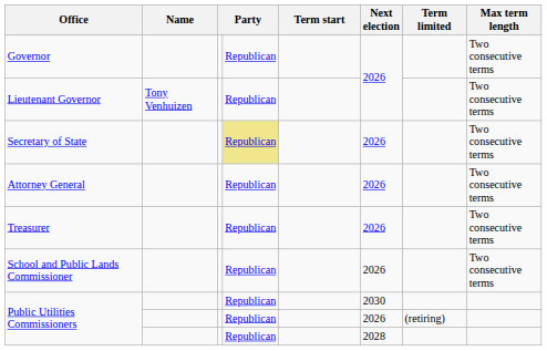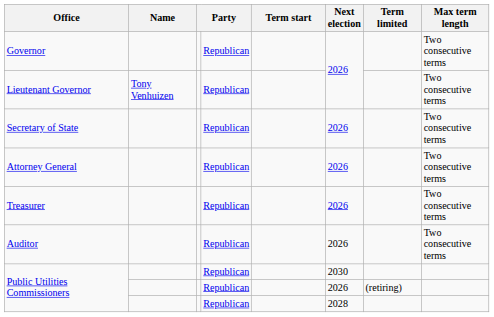 <table class="sortable wikitable">
 <tr>
 <th scope="col" width=190>Office</th>
 <th scope="col" width=100>Name</th>
 <th scope="col" width=75 colspan=2>Party</th>
 <th scope="col" width=110>Term start</th>
 <th scope="col" width=50>Next election</th>
 <th scope="col" width=85>Term limited</th>
 <th scope="col" width=100>Max term length</th>
 </tr>
 <tr>
 <td><a href='#'>Governor</a></td>
 <td></td>
 <td style="background-color:"></td>
 <td><a href='#'>Republican</a></td>
 <td></td>
 <td rowspan=2><a href='#'>2026</a></td>
 <td></td>
 <td>Two consecutive terms</td>
 </tr>
 <tr>
 <td><a href='#'>Lieutenant Governor</a></td>
 <td><a href='#'>Tony Venhuizen</a></td>
 <td style="background-color:"></td>
 <td><a href='#'>Republican</a></td>
 <td></td>
 <td></td>
 <td>Two consecutive terms</td>
 </tr>
 <tr>
 <td><a href='#'>Secretary of State</a></td>
 <td></td>
 <td style="background-color:"></td>
-<td style="background: khaki;"><a href='#'>Republican</a></td>
+<td><a href='#'>Republican</a></td>
 <td></td>
 <td><a href='#'>2026</a></td>
 <td></td>
 <td>Two consecutive terms</td>
 </tr>
 <tr>
 <td><a href='#'>Attorney General</a></td>
 <td></td>
 <td style="background-color:"></td>
 <td><a href='#'>Republican</a></td>
 <td></td>
 <td><a href='#'>2026</a></td>
 <td></td>
 <td>Two consecutive terms</td>
 </tr>
 <tr>
 <td><a href='#'>Treasurer</a></td>
 <td></td>
 <td style="background-color:"></td>
 <td><a href='#'>Republican</a></td>
 <td></td>
 <td><a href='#'>2026</a></td>
 <td></td>
 <td>Two consecutive terms</td>
 </tr>
 <tr>
-<td><a href='#'>School and Public Lands Commissioner</a></td>
+<td><a href='#'>Auditor</a></td>
 <td></td>
 <td style="background-color:"></td>
 <td><a href='#'>Republican</a></td>
 <td></td>
 <td>2026</td>
 <td></td>
 <td>Two consecutive terms</td>
 </tr>
 <tr>
 <td rowspan=3><a href='#'>Public Utilities Commissioners</a></td>
 <td></td>
 <td style="background-color:"></td>
 <td><a href='#'>Republican</a></td>
 <td></td>
 <td>2030</td>
 <td></td>
 <td></td>
 </tr>
 <tr>
 <td></td>
 <td style="background-color:"></td>
 <td><a href='#'>Republican</a></td>
 <td></td>
 <td>2026</td>
 <td> (retiring)</td>
 <td></td>
 </tr>
 <tr>
 <td></td>
 <td style="background-color:"></td>
 <td><a href='#'>Republican</a></td>
 <td></td>
 <td>2028</td>
 <td></td>
 <td></td>
 </tr>
 </table>
